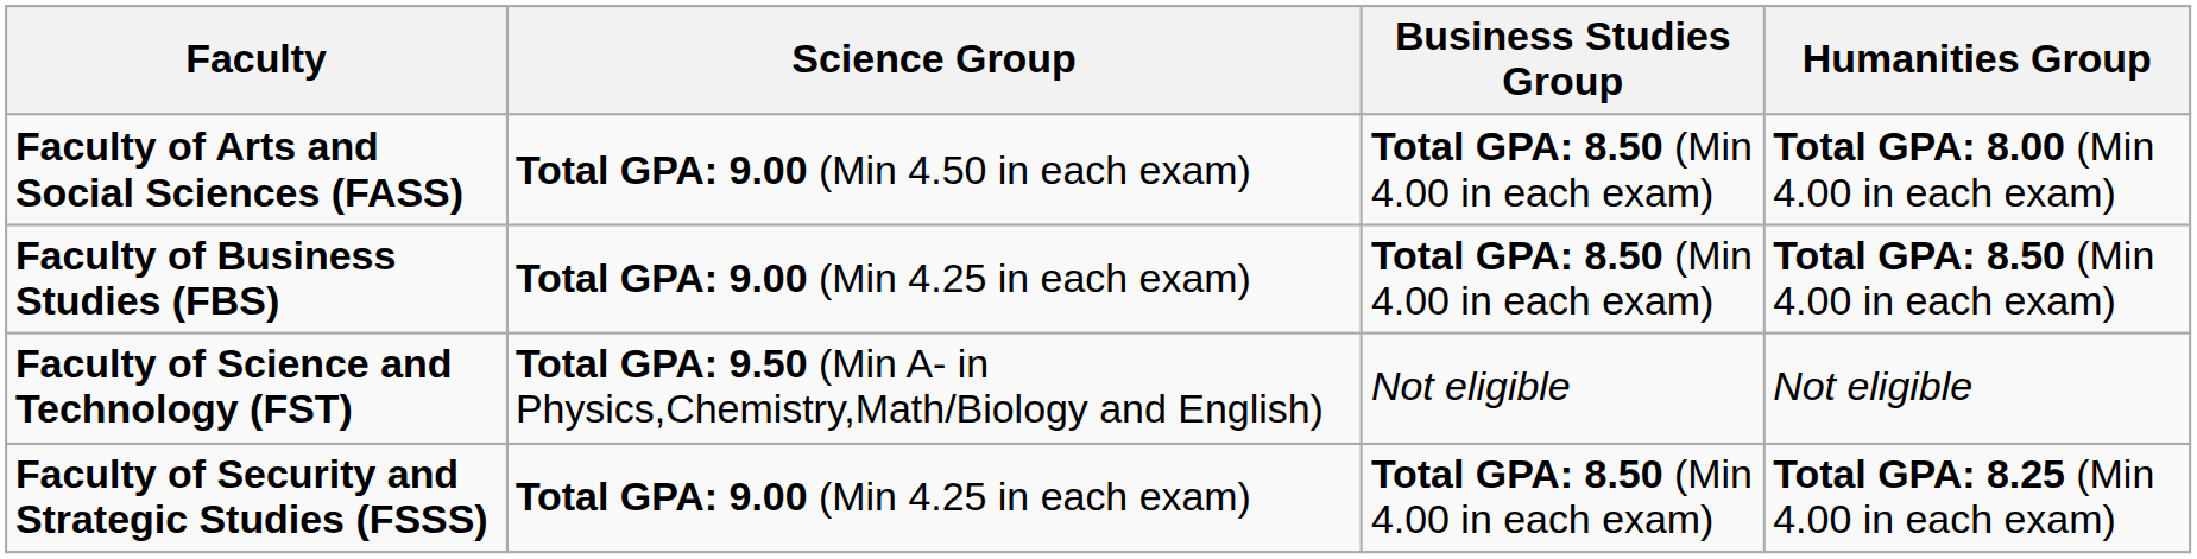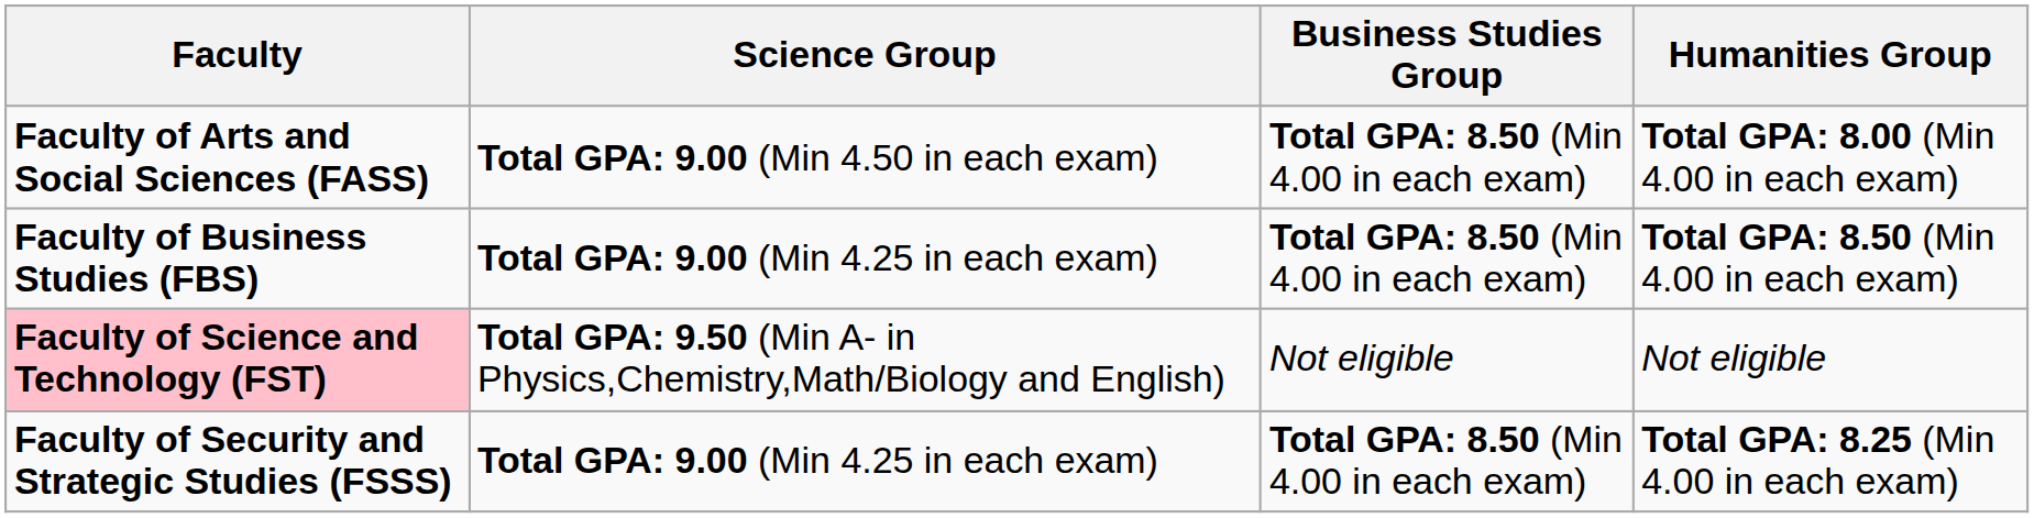 <table class="wikitable">
 <tr>
 <th><strong>Faculty</strong></th>
 <th><strong>Science Group</strong></th>
 <th><strong>Business Studies Group</strong></th>
 <th><strong>Humanities Group</strong></th>
 </tr>
 <tr>
 <td><strong>Faculty of Arts and Social Sciences (FASS)</strong></td>
 <td><strong>Total GPA: 9.00</strong> (Min 4.50 in each exam)</td>
 <td><strong>Total GPA: 8.50</strong> (Min 4.00 in each exam)</td>
 <td><strong>Total GPA: 8.00</strong> (Min 4.00 in each exam)</td>
 </tr>
 <tr>
 <td><strong>Faculty of Business Studies (FBS)</strong></td>
 <td><strong>Total GPA: 9.00</strong> (Min 4.25 in each exam)</td>
 <td><strong>Total GPA: 8.50</strong> (Min 4.00 in each exam)</td>
 <td><strong>Total GPA: 8.50</strong> (Min 4.00 in each exam)</td>
 </tr>
 <tr>
-<td><strong>Faculty of Science and Technology (FST)</strong></td>
+<td style="background: pink;"><strong>Faculty of Science and Technology (FST)</strong></td>
 <td><strong>Total GPA: 9.50</strong> (Min A- in Physics,Chemistry,Math/Biology and English)</td>
 <td><em>Not eligible</em></td>
 <td><em>Not eligible</em></td>
 </tr>
 <tr>
 <td><strong>Faculty of Security and Strategic Studies (FSSS)</strong></td>
 <td><strong>Total GPA:</strong> <strong>9.00</strong> (Min 4.25 in each exam)</td>
 <td><strong>Total GPA: 8.50</strong> (Min 4.00 in each exam)</td>
 <td><strong>Total GPA: 8.25</strong> (Min 4.00 in each exam)</td>
 </tr>
 </table>
